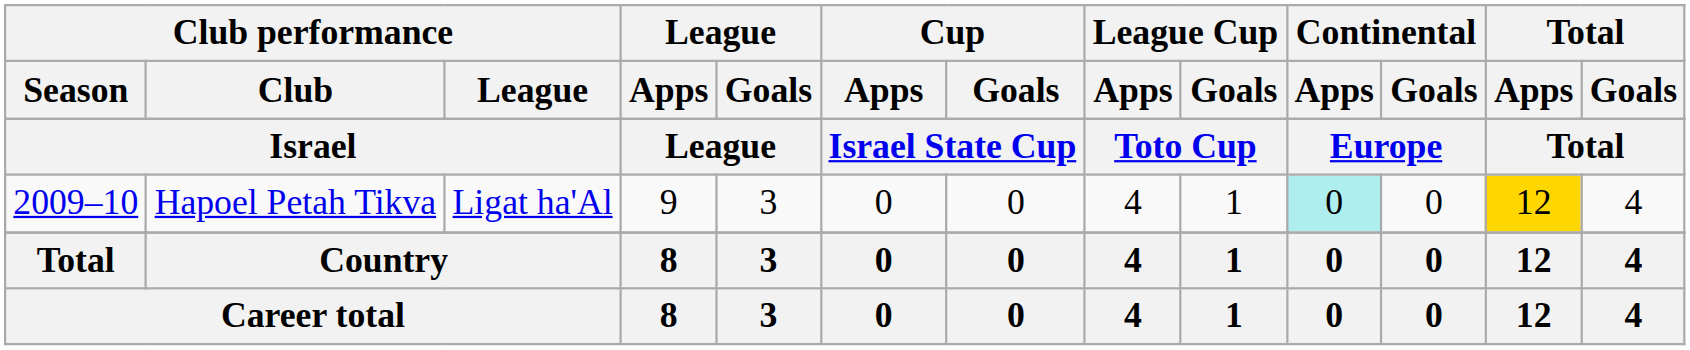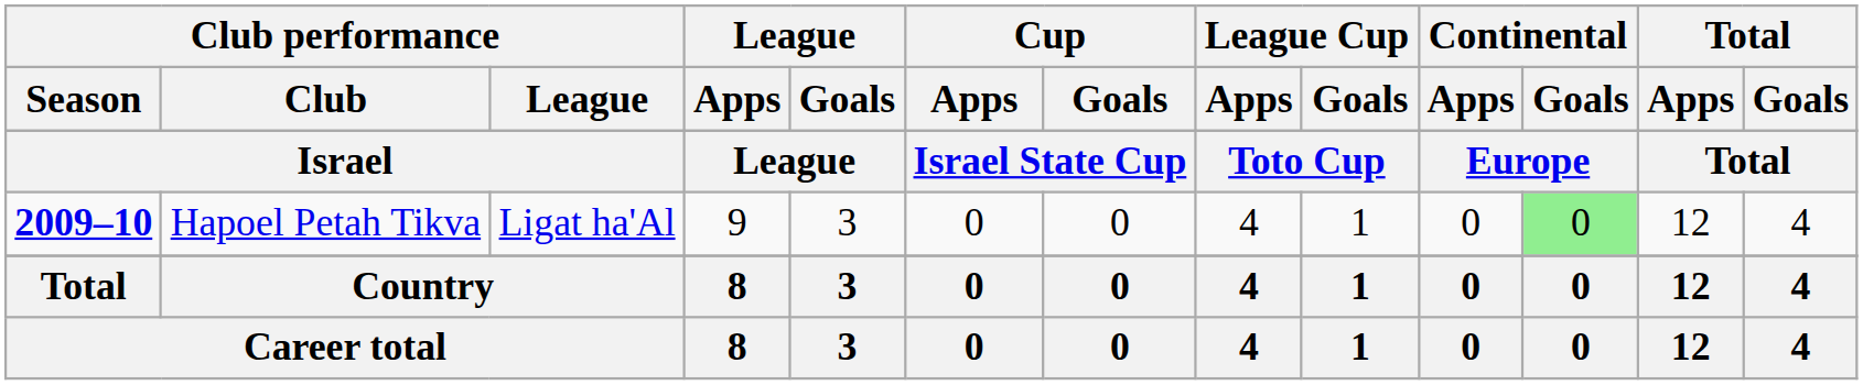 <table class="wikitable" style="text-align:center">
 <tr>
 <th colspan=3>Club performance</th>
 <th colspan=2>League</th>
 <th colspan=2>Cup</th>
 <th colspan=2>League Cup</th>
 <th colspan=2>Continental</th>
 <th colspan=2>Total</th>
 </tr>
 <tr>
 <th>Season</th>
 <th>Club</th>
 <th>League</th>
 <th>Apps</th>
 <th>Goals</th>
 <th>Apps</th>
 <th>Goals</th>
 <th>Apps</th>
 <th>Goals</th>
 <th>Apps</th>
 <th>Goals</th>
 <th>Apps</th>
 <th>Goals</th>
 </tr>
 <tr>
 </tr>
 <tr>
 <th colspan=3>Israel</th>
 <th colspan=2>League</th>
 <th colspan=2><a href='#'>Israel State Cup</a></th>
 <th colspan=2><a href='#'>Toto Cup</a></th>
 <th colspan=2><a href='#'>Europe</a></th>
 <th colspan=2>Total</th>
 </tr>
 <tr>
-<td><a href='#'>2009–10</a></td>
+<td><strong><a href='#'>2009–10</a></strong></td>
 <td><a href='#'>Hapoel Petah Tikva</a></td>
 <td><a href='#'>Ligat ha'Al</a></td>
 <td>9</td>
 <td>3</td>
 <td>0</td>
 <td>0</td>
 <td>4</td>
 <td>1</td>
-<td style="background: paleturquoise;">0</td>
 <td>0</td>
-<td style="background: gold;">12</td>
+<td style="background: lightgreen;">0</td>
+<td>12</td>
 <td>4</td>
 </tr>
 <tr>
 </tr>
 <tr>
 <th rowspan=ISR>Total</th>
 <th colspan=2>Country</th>
 <th>8</th>
 <th>3</th>
 <th>0</th>
 <th>0</th>
 <th>4</th>
 <th>1</th>
 <th>0</th>
 <th>0</th>
 <th>12</th>
 <th>4</th>
 </tr>
 <tr>
 <th colspan=3>Career total</th>
 <th>8</th>
 <th>3</th>
 <th>0</th>
 <th>0</th>
 <th>4</th>
 <th>1</th>
 <th>0</th>
 <th>0</th>
 <th>12</th>
 <th>4</th>
 </tr>
 </table>
